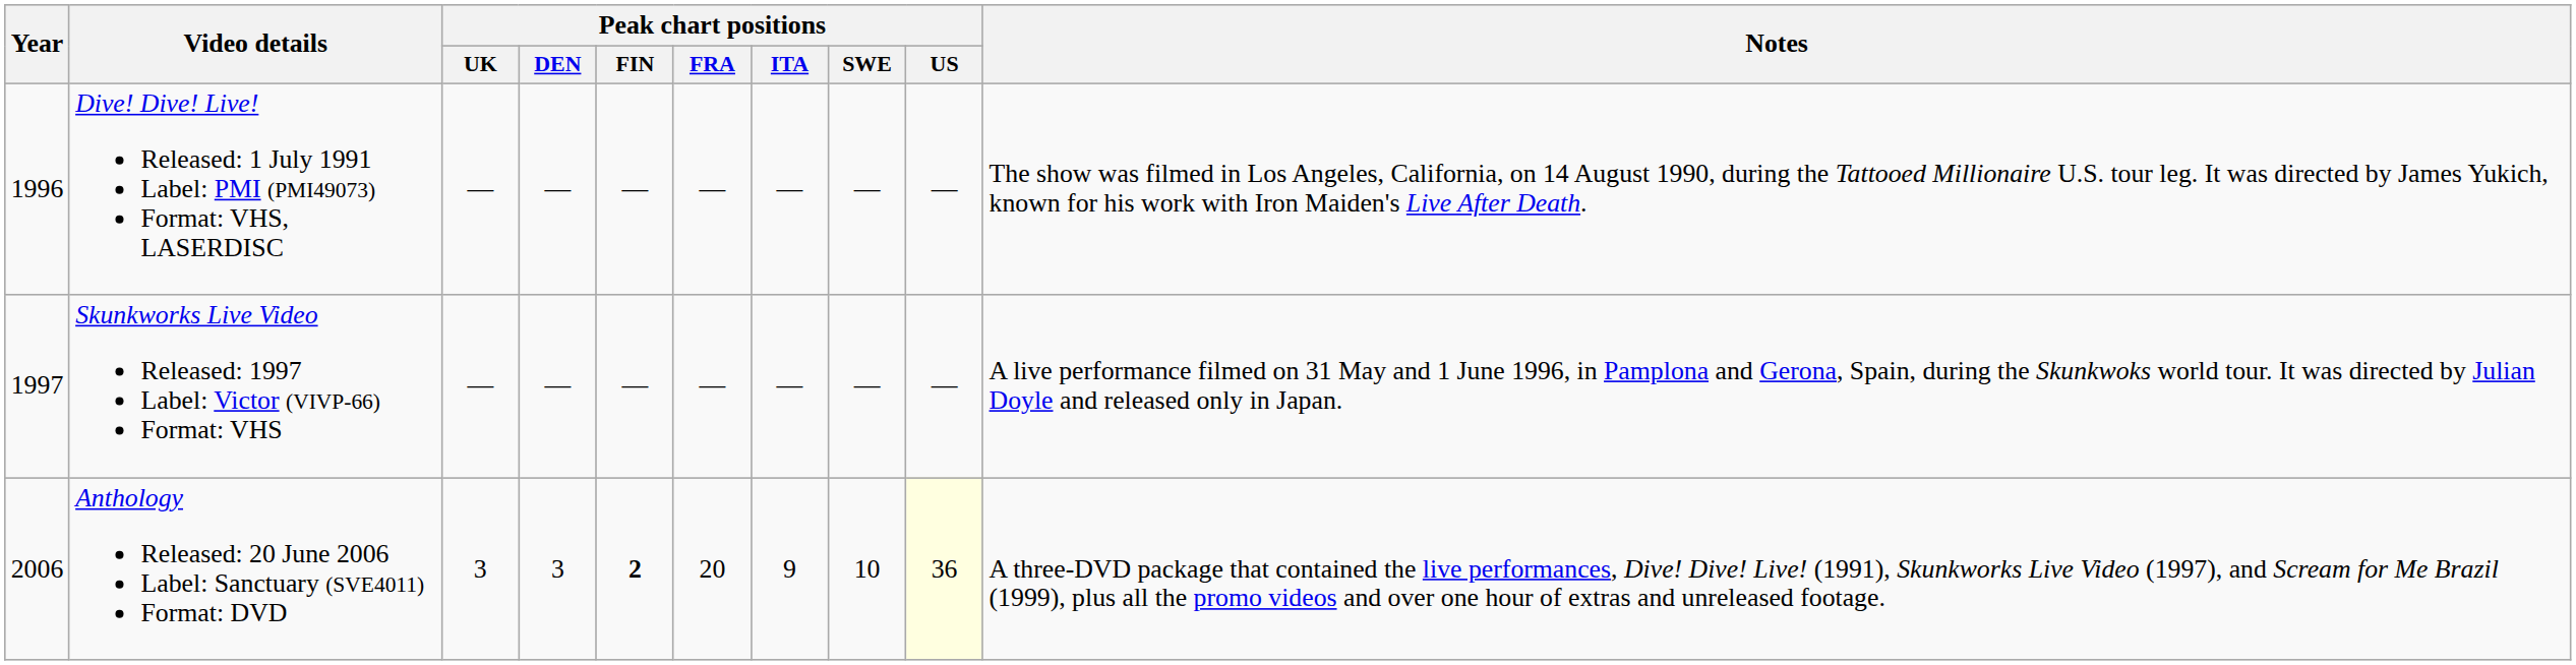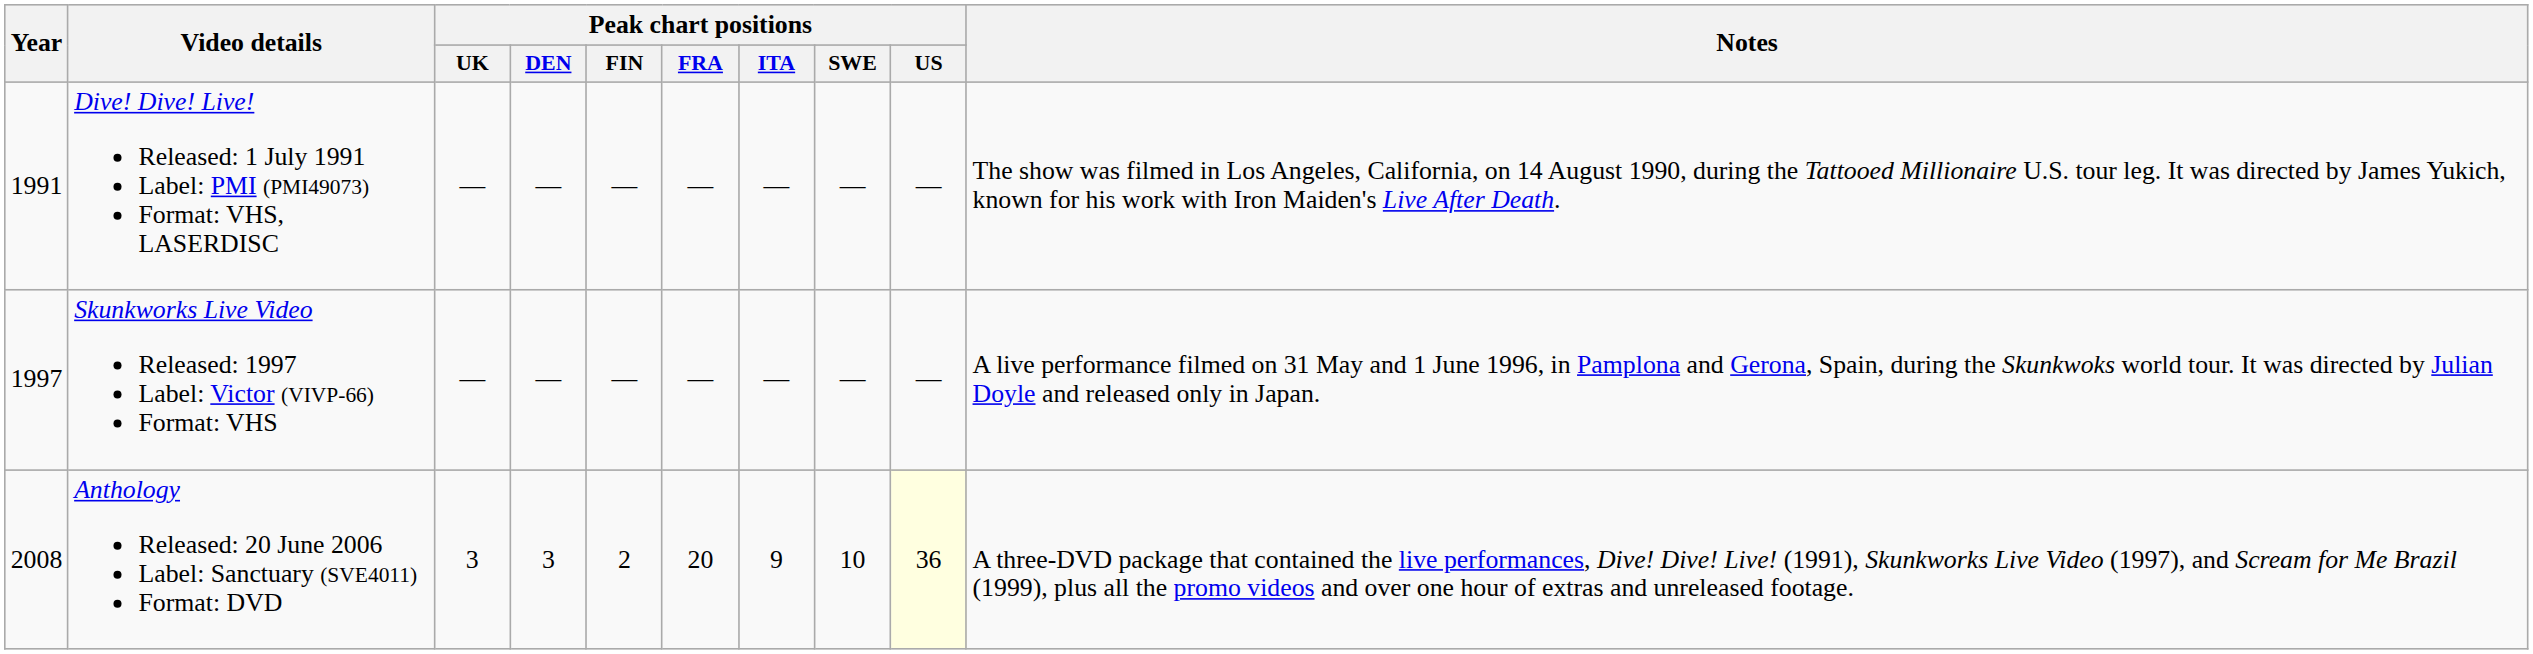 <table class="wikitable" border="1">
 <tr>
 <th rowspan=2>Year</th>
 <th rowspan=2 width="220">Video details</th>
 <th colspan=7>Peak chart positions</th>
 <th rowspan=2>Notes</th>
 </tr>
 <tr>
 <th style="width:3em;font-size:85%">UK</th>
 <th style="width:3em;font-size:85%"><a href='#'>DEN</a></th>
 <th style="width:3em;font-size:85%">FIN</th>
 <th style="width:3em;font-size:85%"><a href='#'>FRA</a></th>
 <th style="width:3em;font-size:85%"><a href='#'>ITA</a></th>
 <th style="width:3em;font-size:85%">SWE</th>
 <th style="width:3em;font-size:85%">US</th>
 </tr>
 <tr>
-<td>1996</td>
+<td>1991</td>
 <td><em><a href='#'>Dive! Dive! Live!</a></em><br><ul><li>Released: 1 July 1991</li><li>Label: <a href='#'>PMI</a> <small>(PMI49073)</small></li><li>Format: VHS, LASERDISC</li></ul></td>
 <td align="center">—</td>
 <td align="center">—</td>
 <td align="center">—</td>
 <td align="center">—</td>
 <td align="center">—</td>
 <td align="center">—</td>
 <td align="center">—</td>
 <td>The show was filmed in Los Angeles, California, on 14 August 1990, during the <em>Tattooed Millionaire</em> U.S. tour leg. It was directed by James Yukich, known for his work with Iron Maiden's <em><a href='#'>Live After Death</a></em>.</td>
 </tr>
 <tr>
 <td>1997</td>
 <td><em><a href='#'>Skunkworks Live Video</a></em><br><ul><li>Released: 1997</li><li>Label: <a href='#'>Victor</a> <small>(VIVP-66)</small></li><li>Format: VHS</li></ul></td>
 <td align="center">—</td>
 <td align="center">—</td>
 <td align="center">—</td>
 <td align="center">—</td>
 <td align="center">—</td>
 <td align="center">—</td>
 <td align="center">—</td>
 <td>A live performance filmed on 31 May and 1 June 1996, in <a href='#'>Pamplona</a> and <a href='#'>Gerona</a>, Spain, during the <em>Skunkwoks</em> world tour. It was directed by <a href='#'>Julian Doyle</a> and released only in Japan.</td>
 </tr>
 <tr>
-<td>2006</td>
+<td>2008</td>
 <td><em><a href='#'>Anthology</a></em><br><ul><li>Released: 20 June 2006</li><li>Label: Sanctuary <small>(SVE4011)</small></li><li>Format: DVD</li></ul></td>
 <td align="center">3<br></td>
 <td align="center">3<br></td>
-<td align="center"><strong>2<br></strong></td>
+<td align="center">2<br></td>
 <td align="center">20<br></td>
 <td align="center">9<br></td>
 <td align="center">10<br></td>
 <td align="center" style="background: lightyellow;">36<br></td>
 <td><br>A three-DVD package that contained the <a href='#'>live performances</a>, <em>Dive! Dive! Live!</em> (1991), <em>Skunkworks Live Video</em> (1997), and <em>Scream for Me Brazil</em> (1999), plus all the <a href='#'>promo videos</a> and over one hour of extras and unreleased footage.</td>
 </tr>
 </table>
